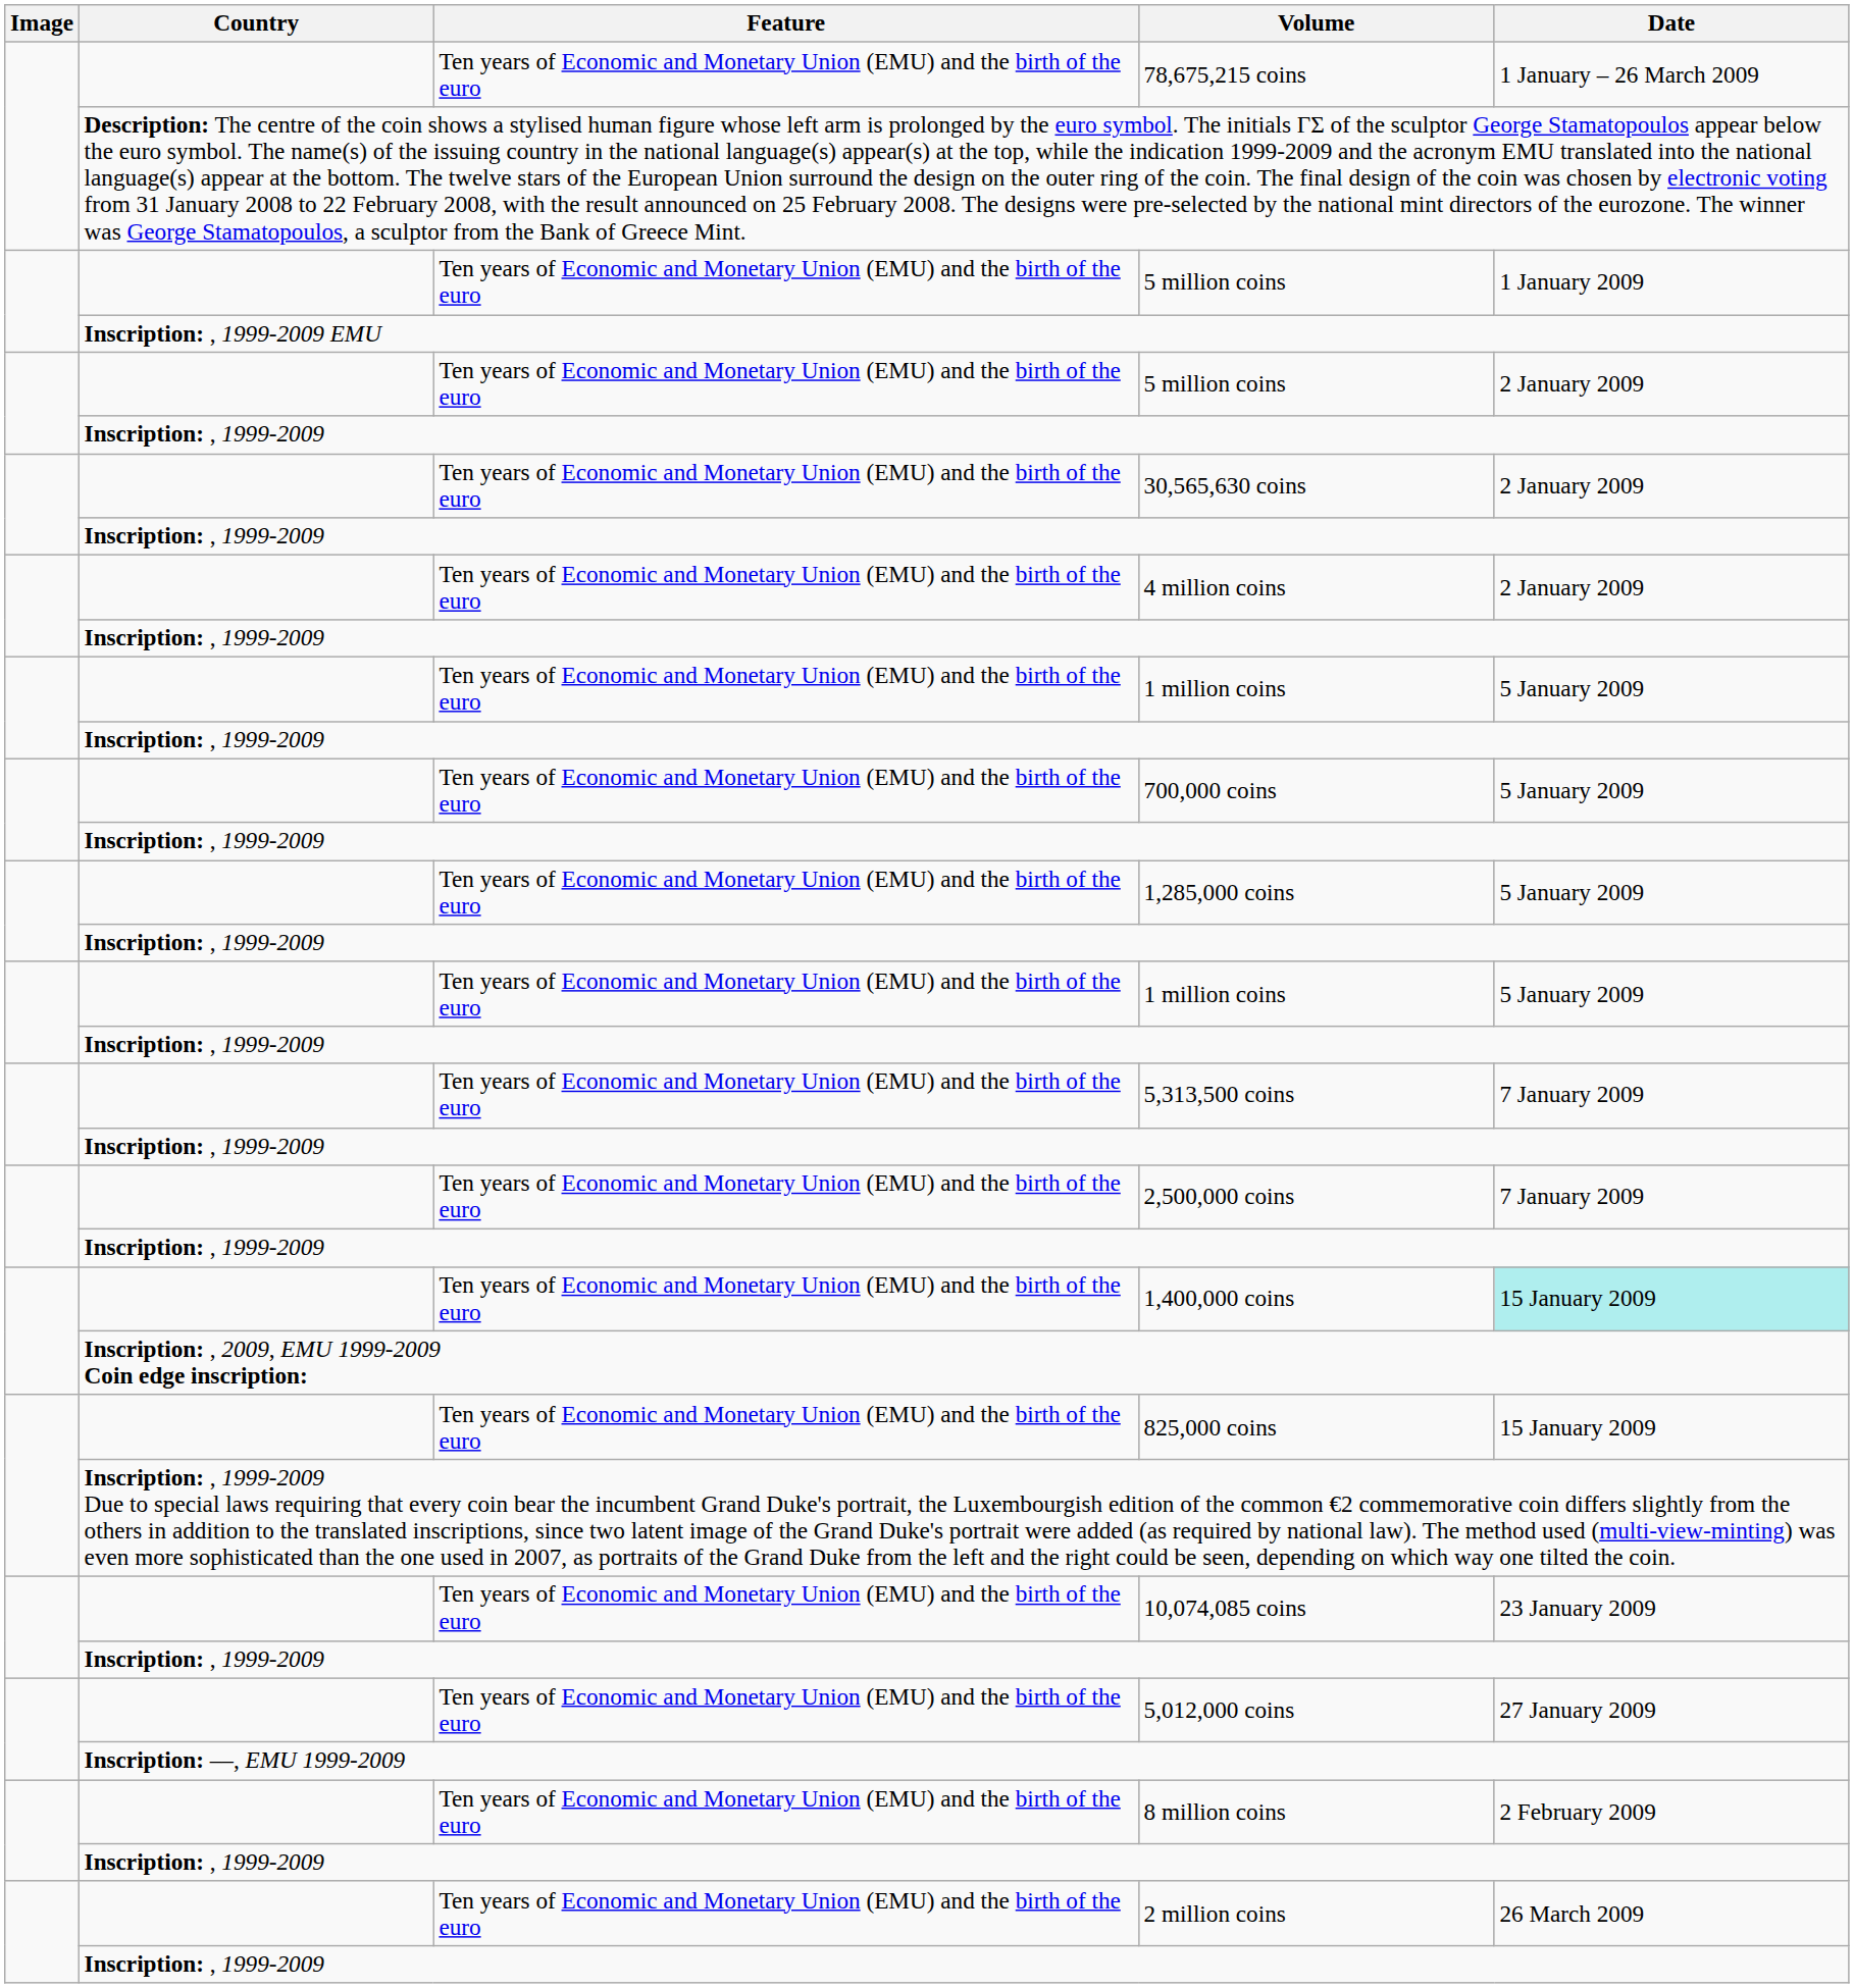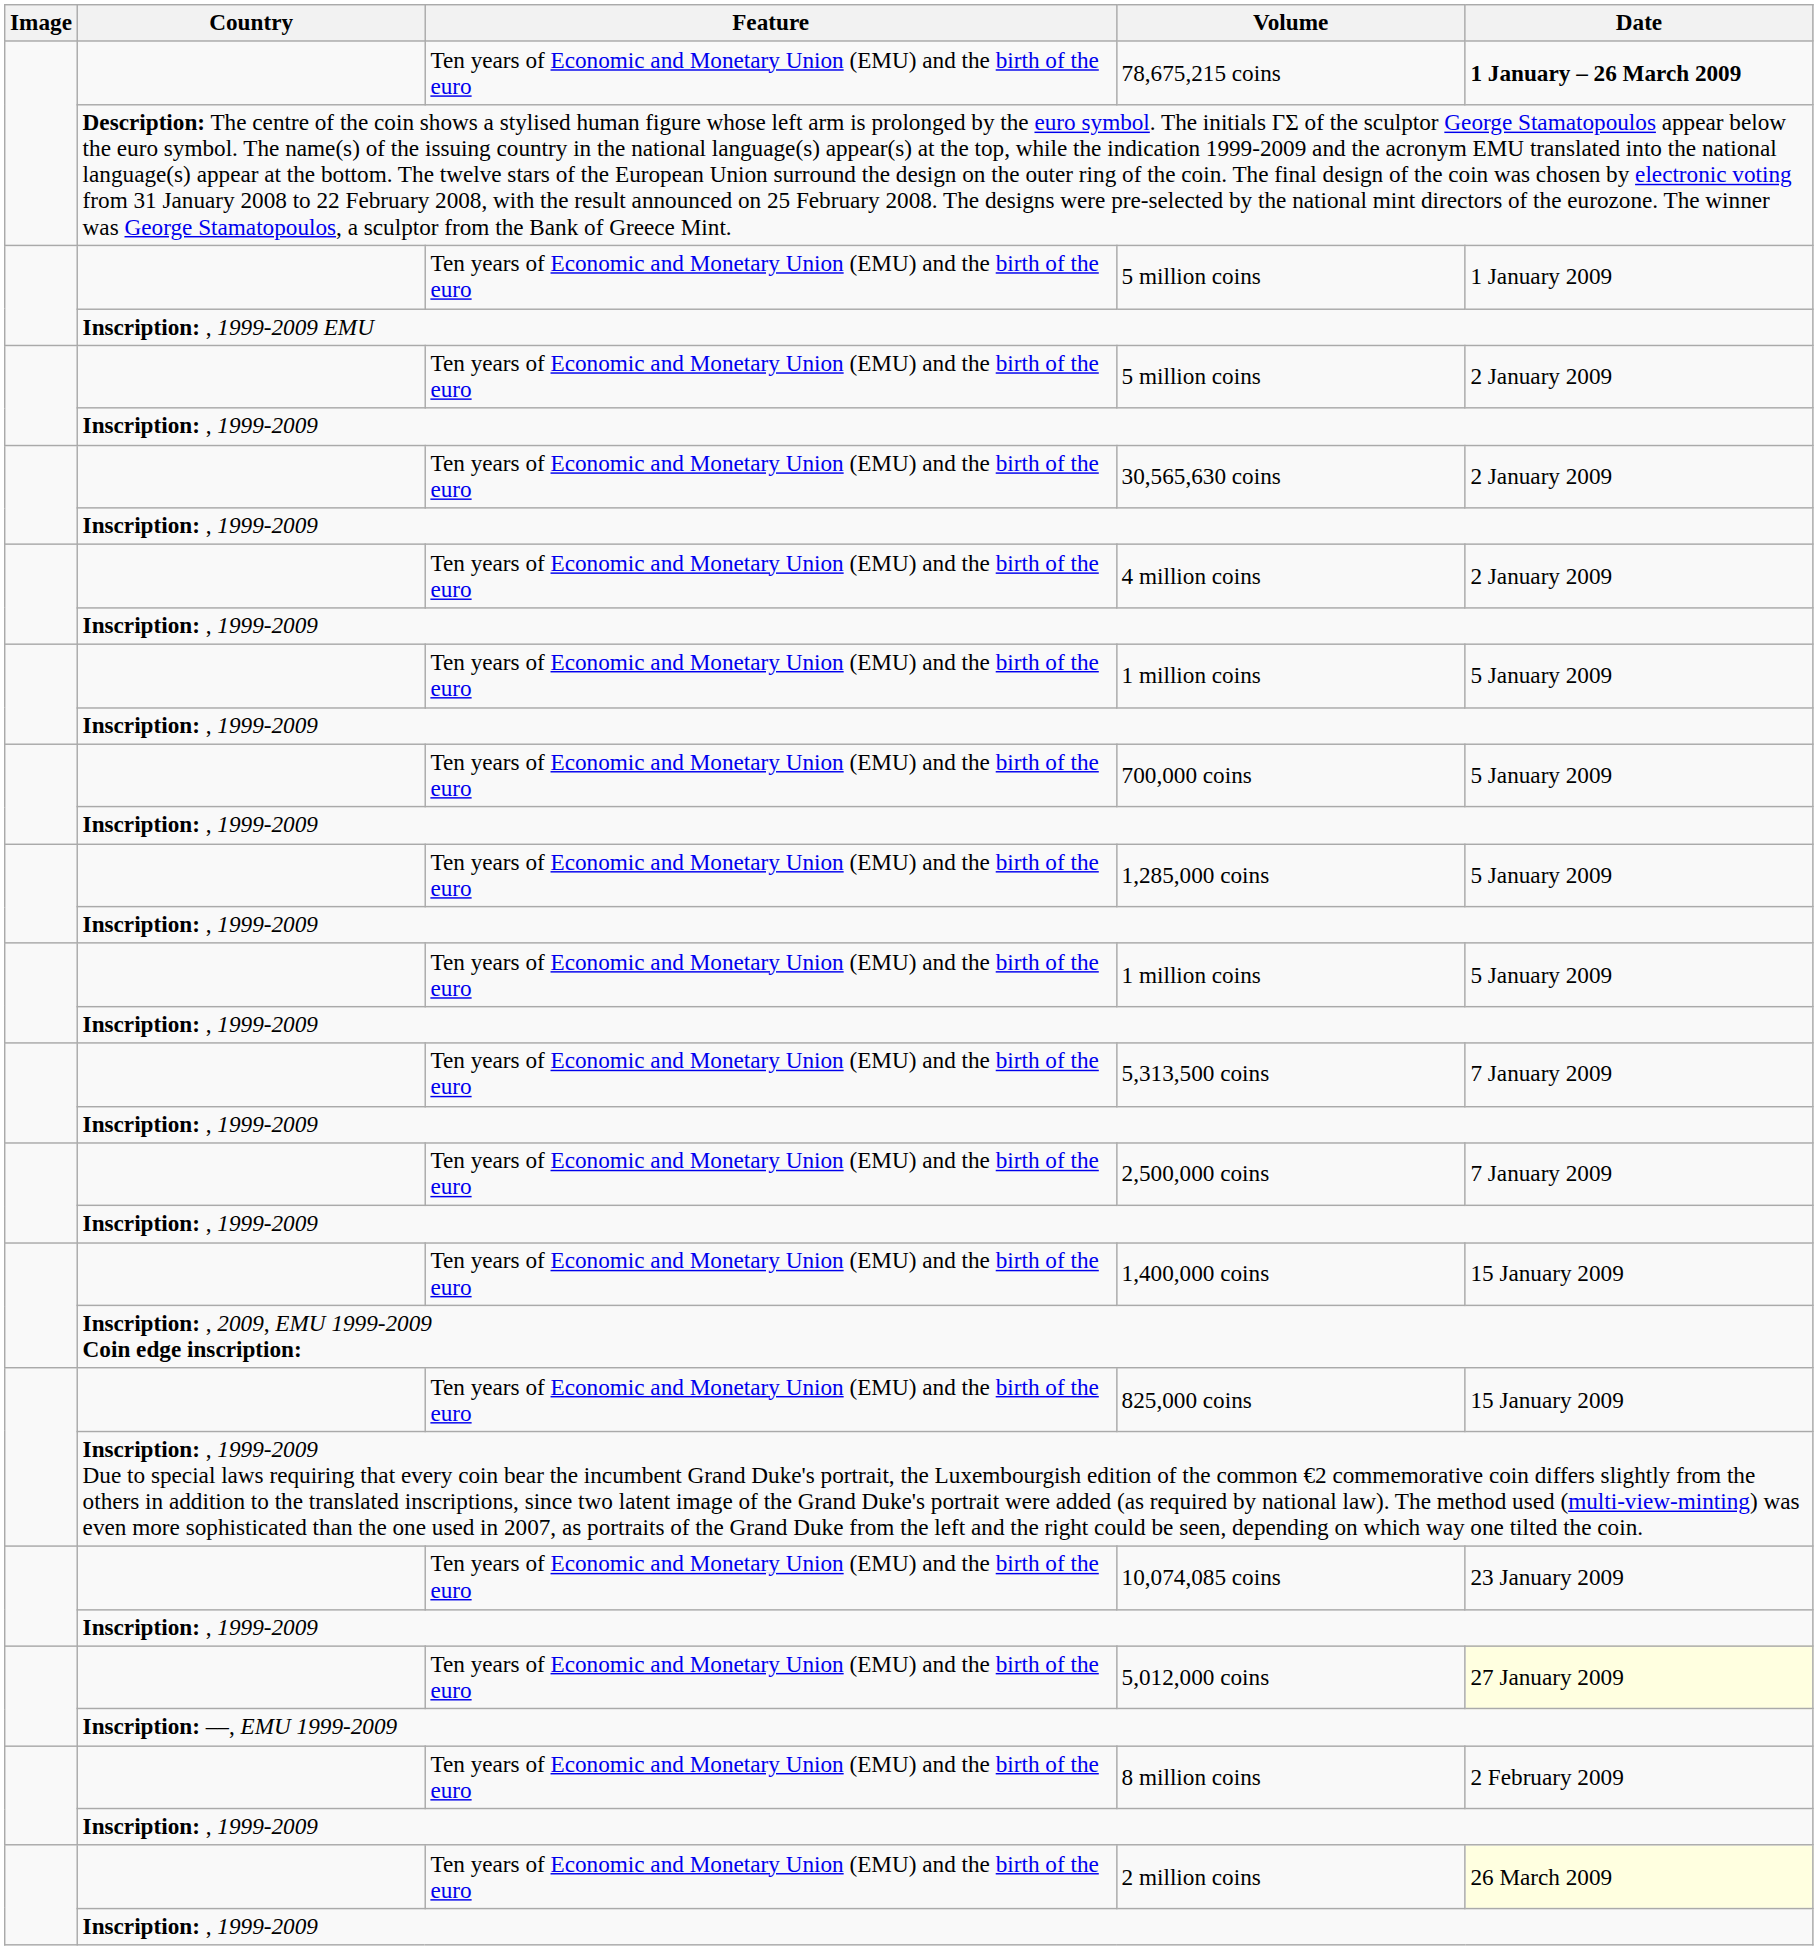 <table class="wikitable">
 <tr>
 <th>Image</th>
 <th>Country</th>
 <th>Feature</th>
 <th>Volume</th>
 <th>Date</th>
 </tr>
 <tr>
 <td style="width:160px;" rowspan="2"></td>
 <td style="width:20%;"></td>
 <td style="width:40%;">Ten years of <a href='#'>Economic and Monetary Union</a> (EMU) and the <a href='#'>birth of the euro</a></td>
 <td style="width:20%;">78,675,215 coins</td>
-<td style="width:20%;">1 January – 26 March 2009</td>
+<td style="width:20%;"><strong>1 January – 26 March 2009</strong></td>
 </tr>
 <tr>
 <td colspan="5"><strong>Description:</strong> The centre of the coin shows a stylised human figure whose left arm is prolonged by the <a href='#'>euro symbol</a>. The initials ΓΣ of the sculptor <a href='#'>George Stamatopoulos</a> appear below the euro symbol. The name(s) of the issuing country in the national language(s) appear(s) at the top, while the indication 1999-2009 and the acronym EMU translated into the national language(s) appear at the bottom. The twelve stars of the European Union surround the design on the outer ring of the coin. The final design of the coin was chosen by <a href='#'>electronic voting</a> from 31 January 2008 to 22 February 2008, with the result announced on 25 February 2008. The designs were pre-selected by the national mint directors of the eurozone. The winner was <a href='#'>George Stamatopoulos</a>, a sculptor from the Bank of Greece Mint.</td>
 </tr>
 <tr>
 <td style="width:160px;" rowspan="2"></td>
 <td style="width:20%;"></td>
 <td style="width:40%;">Ten years of <a href='#'>Economic and Monetary Union</a> (EMU) and the <a href='#'>birth of the euro</a></td>
 <td style="width:20%;">5 million coins</td>
 <td style="width:20%;">1 January 2009</td>
 </tr>
 <tr>
 <td colspan="5"><strong>Inscription:</strong> ,  <em>1999-2009</em> <em>EMU</em></td>
 </tr>
 <tr>
 <td style="width:160px;" rowspan="2"></td>
 <td style="width:20%;"></td>
 <td style="width:40%;">Ten years of <a href='#'>Economic and Monetary Union</a> (EMU) and the <a href='#'>birth of the euro</a></td>
 <td style="width:20%;">5 million coins</td>
 <td style="width:20%;">2 January 2009</td>
 </tr>
 <tr>
 <td colspan="5"><strong>Inscription:</strong> ,  <em>1999-2009</em></td>
 </tr>
 <tr>
 <td style="width:160px;" rowspan="2"></td>
 <td style="width:20%;"></td>
 <td style="width:40%;">Ten years of <a href='#'>Economic and Monetary Union</a> (EMU) and the <a href='#'>birth of the euro</a></td>
 <td style="width:20%;">30,565,630 coins</td>
 <td style="width:20%;">2 January 2009</td>
 </tr>
 <tr>
 <td colspan="5"><strong>Inscription:</strong> ,   <em>1999-2009</em></td>
 </tr>
 <tr>
 <td style="width:160px;" rowspan="2"></td>
 <td style="width:20%;"></td>
 <td style="width:40%;">Ten years of <a href='#'>Economic and Monetary Union</a> (EMU) and the <a href='#'>birth of the euro</a></td>
 <td style="width:20%;">4 million coins</td>
 <td style="width:20%;">2 January 2009</td>
 </tr>
 <tr>
 <td colspan="5"><strong>Inscription:</strong> <em></em>, <em></em> <em>1999-2009</em></td>
 </tr>
 <tr>
 <td style="width:160px;" rowspan="2"></td>
 <td style="width:20%;"></td>
 <td style="width:40%;">Ten years of <a href='#'>Economic and Monetary Union</a> (EMU) and the <a href='#'>birth of the euro</a></td>
 <td style="width:20%;">1 million coins</td>
 <td style="width:20%;">5 January 2009</td>
 </tr>
 <tr>
 <td colspan="5"><strong>Inscription:</strong> <em></em> , <em></em> <em>1999-2009</em></td>
 </tr>
 <tr>
 <td style="width:160px;" rowspan="2"></td>
 <td style="width:20%;"></td>
 <td style="width:40%;">Ten years of <a href='#'>Economic and Monetary Union</a> (EMU) and the <a href='#'>birth of the euro</a></td>
 <td style="width:20%;">700,000 coins</td>
 <td style="width:20%;">5 January 2009</td>
 </tr>
 <tr>
 <td colspan="5"><strong>Inscription:</strong> ,  <em>1999-2009</em></td>
 </tr>
 <tr>
 <td style="width:160px;" rowspan="2"></td>
 <td style="width:20%;"></td>
 <td style="width:40%;">Ten years of <a href='#'>Economic and Monetary Union</a> (EMU) and the <a href='#'>birth of the euro</a></td>
 <td style="width:20%;">1,285,000 coins</td>
 <td style="width:20%;">5 January 2009</td>
 </tr>
 <tr>
 <td colspan="5"><strong>Inscription:</strong> ,   <em>1999-2009</em></td>
 </tr>
 <tr>
 <td style="width:160px;" rowspan="2"></td>
 <td style="width:20%;"></td>
 <td style="width:40%;">Ten years of <a href='#'>Economic and Monetary Union</a> (EMU) and the <a href='#'>birth of the euro</a></td>
 <td style="width:20%;">1 million coins</td>
 <td style="width:20%;">5 January 2009</td>
 </tr>
 <tr>
 <td colspan="5"><strong>Inscription:</strong> ,  <em>1999-2009</em></td>
 </tr>
 <tr>
 <td style="width:160px;" rowspan="2"></td>
 <td style="width:20%;"></td>
 <td style="width:40%;">Ten years of <a href='#'>Economic and Monetary Union</a> (EMU) and the <a href='#'>birth of the euro</a></td>
 <td style="width:20%;">5,313,500 coins</td>
 <td style="width:20%;">7 January 2009</td>
 </tr>
 <tr>
 <td colspan="5"><strong>Inscription:</strong> ,  <em>1999-2009</em></td>
 </tr>
 <tr>
 <td style="width:160px;" rowspan="2"></td>
 <td style="width:20%;"></td>
 <td style="width:40%;">Ten years of <a href='#'>Economic and Monetary Union</a> (EMU) and the <a href='#'>birth of the euro</a></td>
 <td style="width:20%;">2,500,000 coins</td>
 <td style="width:20%;">7 January 2009</td>
 </tr>
 <tr>
 <td colspan="5"><strong>Inscription:</strong> ,  <em>1999-2009</em></td>
 </tr>
 <tr>
 <td style="width:160px;" rowspan="2"></td>
 <td style="width:20%;"></td>
 <td style="width:40%;">Ten years of <a href='#'>Economic and Monetary Union</a> (EMU) and the <a href='#'>birth of the euro</a></td>
 <td style="width:20%;">1,400,000 coins</td>
-<td style="background: paleturquoise; width:20%;">15 January 2009</td>
+<td style="width:20%;">15 January 2009</td>
 </tr>
 <tr>
 <td colspan="5"><strong>Inscription:</strong>  , <em>2009</em>, <em>EMU</em> <em>1999-2009</em><br><strong>Coin edge inscription:</strong> </td>
 </tr>
 <tr>
 <td style="width:160px;" rowspan="2"></td>
 <td style="width:20%;"></td>
 <td style="width:40%;">Ten years of <a href='#'>Economic and Monetary Union</a> (EMU) and the <a href='#'>birth of the euro</a></td>
 <td style="width:20%;">825,000 coins</td>
 <td style="width:20%;">15 January 2009</td>
 </tr>
 <tr>
 <td colspan="5"><strong>Inscription:</strong> ,  <em>1999-2009</em><br>Due to special laws requiring that every coin bear the incumbent Grand Duke's portrait, the Luxembourgish edition of the common €2 commemorative coin differs slightly from the others in addition to the translated inscriptions, since two latent image of the Grand Duke's portrait were added (as required by national law). The method used (<a href='#'>multi-view-minting</a>) was even more sophisticated than the one used in 2007, as portraits of the Grand Duke from the left and the right could be seen, depending on which way one tilted the coin.</td>
 </tr>
 <tr>
 <td style="width:160px;" rowspan="2"></td>
 <td style="width:20%;"></td>
 <td style="width:40%;">Ten years of <a href='#'>Economic and Monetary Union</a> (EMU) and the <a href='#'>birth of the euro</a></td>
 <td style="width:20%;">10,074,085 coins</td>
 <td style="width:20%;">23 January 2009</td>
 </tr>
 <tr>
 <td colspan="5"><strong>Inscription:</strong> ,  <em>1999-2009</em></td>
 </tr>
 <tr>
 <td style="width:160px;" rowspan="2"></td>
 <td style="width:20%;"></td>
 <td style="width:40%;">Ten years of <a href='#'>Economic and Monetary Union</a> (EMU) and the <a href='#'>birth of the euro</a></td>
 <td style="width:20%;">5,012,000 coins</td>
-<td style="width:20%;">27 January 2009</td>
+<td style="background: lightyellow; width:20%;">27 January 2009</td>
 </tr>
 <tr>
 <td colspan="5"><strong>Inscription:</strong> <em>––</em>, <em>EMU</em> <em>1999-2009</em></td>
 </tr>
 <tr>
 <td style="width:160px;" rowspan="2"></td>
 <td style="width:20%;"></td>
 <td style="width:40%;">Ten years of <a href='#'>Economic and Monetary Union</a> (EMU) and the <a href='#'>birth of the euro</a></td>
 <td style="width:20%;">8 million coins</td>
 <td style="width:20%;">2 February 2009</td>
 </tr>
 <tr>
 <td colspan="5"><strong>Inscription:</strong> ,  <em>1999-2009</em></td>
 </tr>
 <tr>
 <td style="width:160px;" rowspan="2"></td>
 <td style="width:20%;"></td>
 <td style="width:40%;">Ten years of <a href='#'>Economic and Monetary Union</a> (EMU) and the <a href='#'>birth of the euro</a></td>
 <td style="width:20%;">2 million coins</td>
-<td style="width:20%;">26 March 2009</td>
+<td style="background: lightyellow; width:20%;">26 March 2009</td>
 </tr>
 <tr>
 <td colspan="5"><strong>Inscription:</strong> ,  <em>1999-2009</em></td>
 </tr>
 </table>
